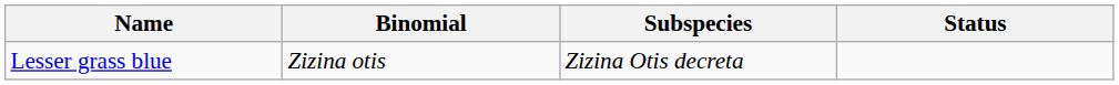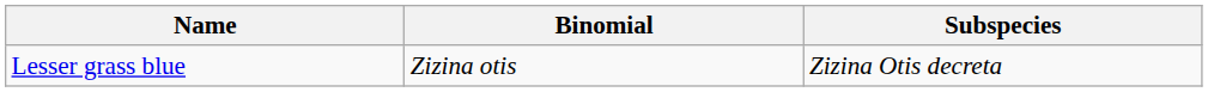 <table width=60% class="wikitable">
 <tr>
 <th width=20%>Name</th>
 <th width=20%>Binomial</th>
 <th width=20%>Subspecies</th>
-<th width=20%>Status</th>
 </tr>
 <tr>
 <td><a href='#'>Lesser grass blue</a><br> </td>
 <td><em>Zizina otis</em></td>
 <td><em>Zizina Otis decreta</em></td>
-<td></td>
 </tr>
 </table>
